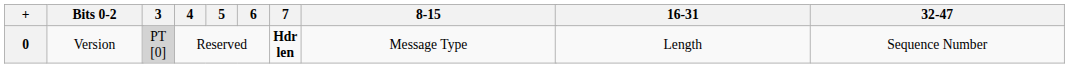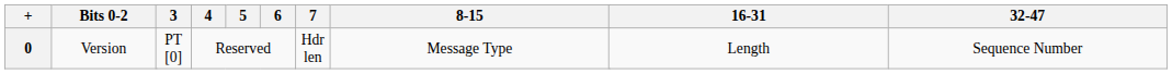 <table class="wikitable" style="text-align:center">
 <tr>
 <th width="4%">+</th>
 <th colspan="3" width="9%">Bits 0-2</th>
 <th colspan="1" width="3%">3</th>
 <th colspan="1" width="3%">4</th>
 <th colspan="1" width="3%">5</th>
 <th colspan="1" width="3%">6</th>
 <th colspan="1" width="3%">7</th>
 <th colspan="8" width="6">8-15</th>
 <th colspan="16" width="24%">16-31</th>
 <th colspan="16" width="24%">32-47</th>
 </tr>
 <tr>
 <th>0</th>
 <td colspan="3">Version</td>
-<td colspan="1" style="background: lightgrey;">PT [0]</td>
+<td colspan="1">PT [0]</td>
 <td colspan="3">Reserved</td>
-<td colspan="1"><strong>Hdr len</strong></td>
+<td colspan="1">Hdr len</td>
 <td colspan="8">Message Type</td>
 <td colspan="16">Length</td>
 <td colspan="16">Sequence Number</td>
 </tr>
 </table>
